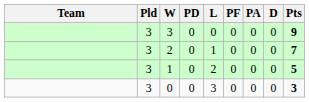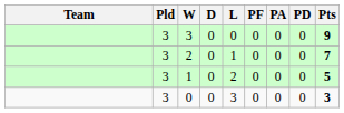 <table class="wikitable" style="text-align:center;">
 <tr>
 <th width=175>Team</th>
 <th width=20 abbr="Played">Pld</th>
 <th width=20 abbr="Won">W</th>
-<th width=25 abbr="Points difference">PD</th>
+<th width=20 abbr="Drawn">D</th>
 <th width=20 abbr="Lost">L</th>
 <th width=20 abbr="Points for">PF</th>
 <th width=20 abbr="Points against">PA</th>
-<th width=20 abbr="Drawn">D</th>
+<th width=25 abbr="Points difference">PD</th>
 <th width=20 abbr="Points">Pts</th>
 </tr>
 <tr style="background:#ccffcc">
 <td align=left></td>
 <td>3</td>
 <td>3</td>
 <td>0</td>
 <td>0</td>
 <td>0</td>
 <td>0</td>
 <td>0</td>
 <td><strong>9</strong></td>
 </tr>
 <tr style="background:#ccffcc">
 <td align=left></td>
 <td>3</td>
 <td>2</td>
 <td>0</td>
 <td>1</td>
 <td>0</td>
 <td>0</td>
 <td>0</td>
 <td><strong>7</strong></td>
 </tr>
 <tr style="background:#ccffcc">
 <td align=left></td>
 <td>3</td>
 <td>1</td>
 <td>0</td>
 <td>2</td>
 <td>0</td>
 <td>0</td>
 <td>0</td>
 <td><strong>5</strong></td>
 </tr>
 <tr>
 <td align=left></td>
 <td>3</td>
 <td>0</td>
 <td>0</td>
 <td>3</td>
 <td>0</td>
 <td>0</td>
 <td>0</td>
 <td><strong>3</strong></td>
 </tr>
 </table>
